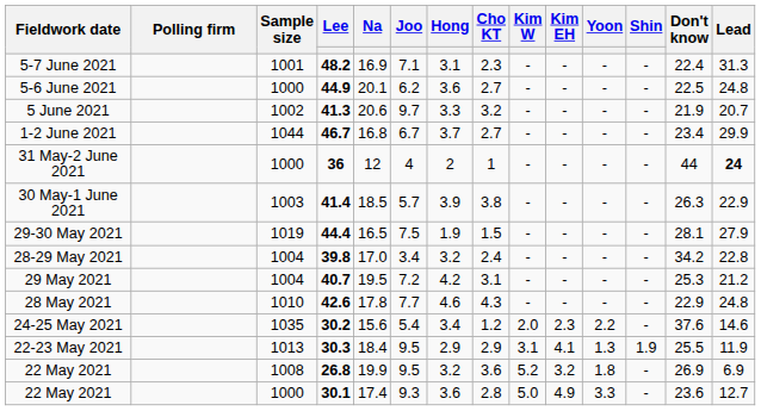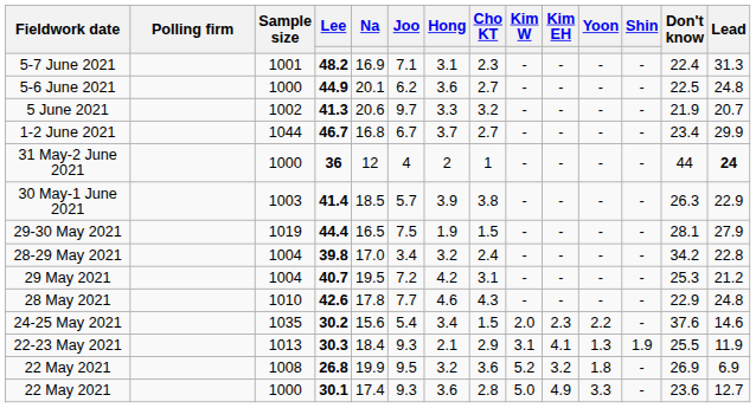 <table class="wikitable sortable" style="text-align:center;font-size:95%;line-height:16px;">
 <tr style="height:42px;">
 <th style="width:120px;" rowspan="2">Fieldwork date</th>
 <th style="width:120px;" rowspan="2">Polling firm</th>
 <th style="width:30px;" rowspan="2">Sample<br>size</th>
 <th style="width:30px;"><a href='#'>Lee</a></th>
 <th style="width:30px;"><a href='#'>Na</a></th>
 <th style="width:30px;"><a href='#'>Joo</a></th>
 <th style="width:30px;"><a href='#'>Hong</a></th>
 <th style="width:30px;"><a href='#'>Cho KT</a></th>
 <th style="width:30px;"><a href='#'>Kim W</a></th>
 <th style="width:30px;"><a href='#'>Kim EH</a></th>
 <th style="width:30px;"><a href='#'>Yoon</a></th>
 <th style="width:30px;"><a href='#'>Shin</a></th>
 <th style="width:40px;" class="unsortable" rowspan="2">Don't know</th>
 <th style="width:20px;" class="unsortable" rowspan="2">Lead</th>
 </tr>
 <tr>
 <th style="color:inherit;background:"></th>
 <th style="color:inherit;background:"></th>
 <th style="color:inherit;background:"></th>
 <th style="color:inherit;background:"></th>
 <th style="color:inherit;background:"></th>
 <th style="color:inherit;background:"></th>
 <th style="color:inherit;background:"></th>
 <th style="color:inherit;background:"></th>
 <th style="color:inherit;background:"></th>
 </tr>
 <tr>
 <td>5-7 June 2021</td>
 <td></td>
 <td>1001</td>
 <td style="background:"><strong>48.2</strong></td>
 <td>16.9</td>
 <td>7.1</td>
 <td>3.1</td>
 <td>2.3</td>
 <td>-</td>
 <td>-</td>
 <td>-</td>
 <td>-</td>
 <td>22.4</td>
 <td style="background:">31.3</td>
 </tr>
 <tr>
 <td>5-6 June 2021</td>
 <td></td>
 <td>1000</td>
 <td style="background:"><strong>44.9</strong></td>
 <td>20.1</td>
 <td>6.2</td>
 <td>3.6</td>
 <td>2.7</td>
 <td>-</td>
 <td>-</td>
 <td>-</td>
 <td>-</td>
 <td>22.5</td>
 <td style="background:">24.8</td>
 </tr>
 <tr>
 <td>5 June 2021</td>
 <td></td>
 <td>1002</td>
 <td style="background:"><strong>41.3</strong></td>
 <td>20.6</td>
 <td>9.7</td>
 <td>3.3</td>
 <td>3.2</td>
 <td>-</td>
 <td>-</td>
 <td>-</td>
 <td>-</td>
 <td>21.9</td>
 <td style="background:">20.7</td>
 </tr>
 <tr>
 <td>1-2 June 2021</td>
 <td></td>
 <td>1044</td>
 <td style="background:"><strong>46.7</strong></td>
 <td>16.8</td>
 <td>6.7</td>
 <td>3.7</td>
 <td>2.7</td>
 <td>-</td>
 <td>-</td>
 <td>-</td>
 <td>-</td>
 <td>23.4</td>
 <td style="background:">29.9</td>
 </tr>
 <tr>
 <td>31 May-2 June 2021</td>
 <td></td>
 <td>1000</td>
 <td style="background:"><strong>36</strong></td>
 <td>12</td>
 <td>4</td>
 <td>2</td>
 <td>1</td>
 <td>-</td>
 <td>-</td>
 <td>-</td>
 <td>-</td>
 <td>44</td>
 <td style="background:"><strong>24</strong></td>
 </tr>
 <tr>
 <td>30 May-1 June 2021</td>
 <td></td>
 <td>1003</td>
 <td style="background:"><strong>41.4</strong></td>
 <td>18.5</td>
 <td>5.7</td>
 <td>3.9</td>
 <td>3.8</td>
 <td>-</td>
 <td>-</td>
 <td>-</td>
 <td>-</td>
 <td>26.3</td>
 <td style="background:">22.9</td>
 </tr>
 <tr>
 <td>29-30 May 2021</td>
 <td></td>
 <td>1019</td>
 <td style="background:"><strong>44.4</strong></td>
 <td>16.5</td>
 <td>7.5</td>
 <td>1.9</td>
 <td>1.5</td>
 <td>-</td>
 <td>-</td>
 <td>-</td>
 <td>-</td>
 <td>28.1</td>
 <td style="background:">27.9</td>
 </tr>
 <tr>
 <td>28-29 May 2021</td>
 <td></td>
 <td>1004</td>
 <td style="background:"><strong>39.8</strong></td>
 <td>17.0</td>
 <td>3.4</td>
 <td>3.2</td>
 <td>2.4</td>
 <td>-</td>
 <td>-</td>
 <td>-</td>
 <td>-</td>
 <td>34.2</td>
 <td style="background:">22.8</td>
 </tr>
 <tr>
 <td>29 May 2021</td>
 <td></td>
 <td>1004</td>
 <td style="background:"><strong>40.7</strong></td>
 <td>19.5</td>
 <td>7.2</td>
 <td>4.2</td>
 <td>3.1</td>
 <td>-</td>
 <td>-</td>
 <td>-</td>
 <td>-</td>
 <td>25.3</td>
 <td style="background:">21.2</td>
 </tr>
 <tr>
 <td>28 May 2021</td>
 <td></td>
 <td>1010</td>
 <td style="background:"><strong>42.6</strong></td>
 <td>17.8</td>
 <td>7.7</td>
 <td>4.6</td>
 <td>4.3</td>
 <td>-</td>
 <td>-</td>
 <td>-</td>
 <td>-</td>
 <td>22.9</td>
 <td style="background:">24.8</td>
 </tr>
 <tr>
 <td>24-25 May 2021</td>
 <td></td>
 <td>1035</td>
 <td style="background:"><strong>30.2</strong></td>
 <td>15.6</td>
 <td>5.4</td>
 <td>3.4</td>
-<td>1.2</td>
+<td>1.5</td>
 <td>2.0</td>
 <td>2.3</td>
 <td>2.2</td>
 <td>-</td>
 <td>37.6</td>
 <td style="background:">14.6</td>
 </tr>
 <tr>
 <td>22-23 May 2021</td>
 <td></td>
 <td>1013</td>
 <td style="background:"><strong>30.3</strong></td>
 <td>18.4</td>
-<td>9.5</td>
-<td>2.9</td>
+<td>9.3</td>
+<td>2.1</td>
 <td>2.9</td>
 <td>3.1</td>
 <td>4.1</td>
 <td>1.3</td>
 <td>1.9</td>
 <td>25.5</td>
 <td style="background:">11.9</td>
 </tr>
 <tr>
 <td>22 May 2021</td>
 <td></td>
 <td>1008</td>
 <td style="background:"><strong>26.8</strong></td>
 <td>19.9</td>
 <td>9.5</td>
 <td>3.2</td>
 <td>3.6</td>
 <td>5.2</td>
 <td>3.2</td>
 <td>1.8</td>
 <td>-</td>
 <td>26.9</td>
 <td style="background:">6.9</td>
 </tr>
 <tr>
 <td>22 May 2021</td>
 <td></td>
 <td>1000</td>
 <td style="background:"><strong>30.1</strong></td>
 <td>17.4</td>
 <td>9.3</td>
 <td>3.6</td>
 <td>2.8</td>
 <td>5.0</td>
 <td>4.9</td>
 <td>3.3</td>
 <td>-</td>
 <td>23.6</td>
 <td style="background:">12.7</td>
 </tr>
 </table>
